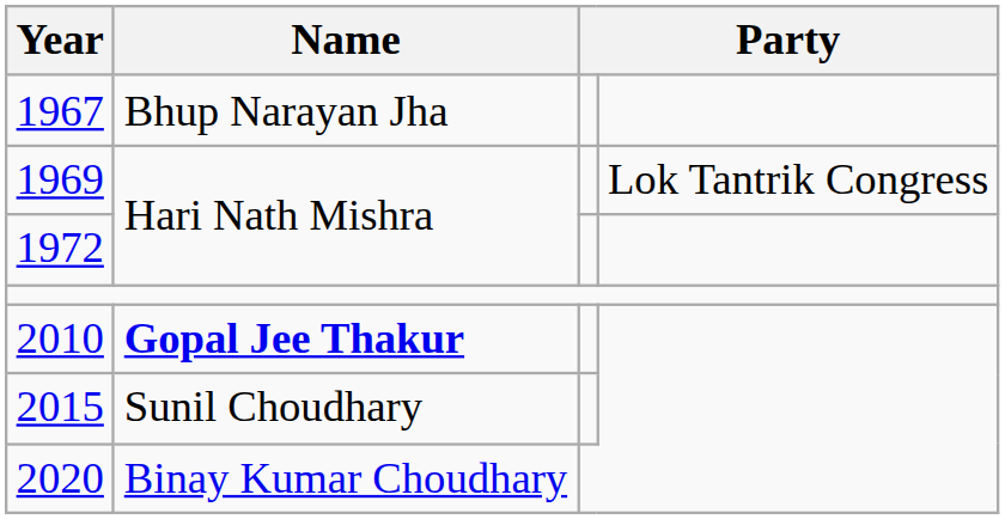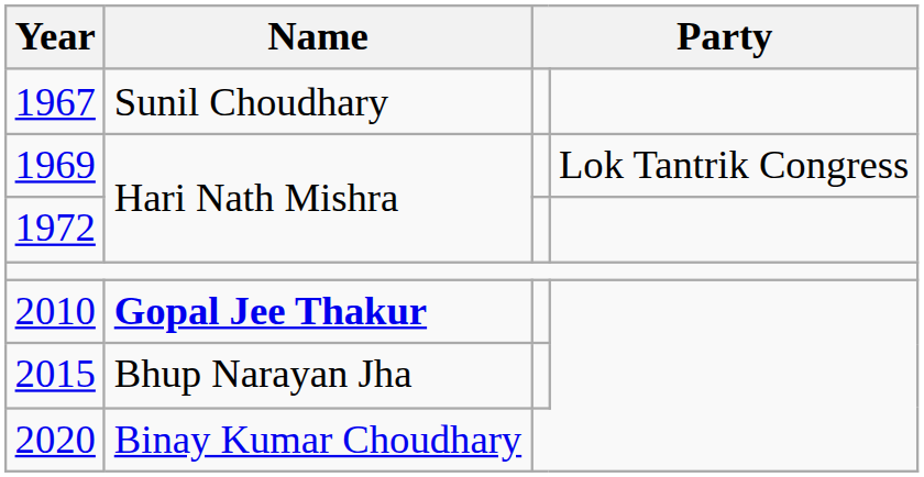 <table class="wikitable">
 <tr>
 <th>Year</th>
 <th>Name</th>
 <th colspan="2">Party</th>
 </tr>
 <tr>
 <td><a href='#'>1967</a></td>
-<td>Bhup Narayan Jha</td>
+<td>Sunil Choudhary</td>
 <td></td>
 </tr>
 <tr>
 <td><a href='#'>1969</a></td>
 <td rowspan="2">Hari Nath Mishra</td>
 <td style="background-color:"></td>
 <td>Lok Tantrik Congress</td>
 </tr>
 <tr>
 <td><a href='#'>1972</a></td>
 <td></td>
 </tr>
 <tr>
 <td colspan="4"></td>
 </tr>
 <tr>
 <td><a href='#'>2010</a></td>
 <td><strong><a href='#'>Gopal Jee Thakur</a></strong></td>
 <td></td>
 </tr>
 <tr>
 <td><a href='#'>2015</a></td>
-<td>Sunil Choudhary</td>
+<td>Bhup Narayan Jha</td>
 <td></td>
 </tr>
 <tr>
 <td><a href='#'>2020</a></td>
 <td><a href='#'>Binay Kumar Choudhary</a></td>
 </tr>
 </table>
